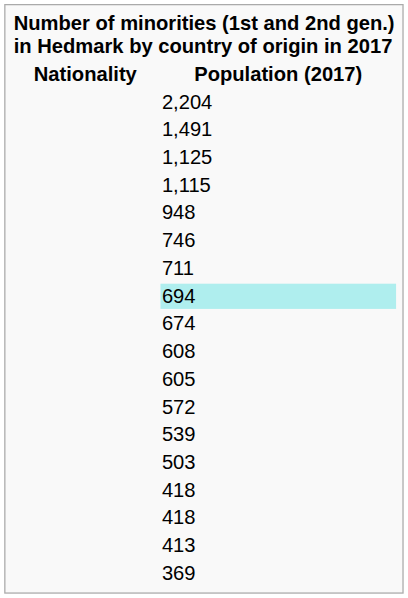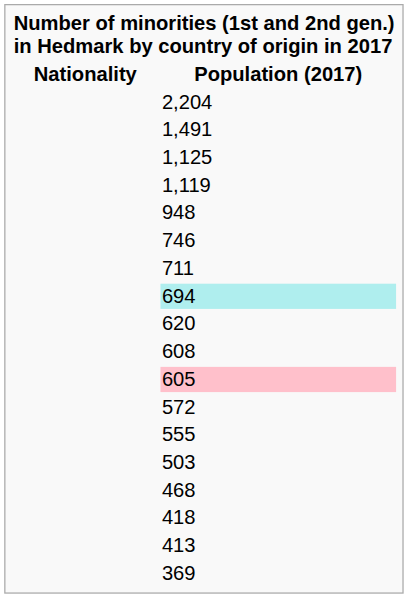 <table class="infobox" style="float:right;">
 <tr>
 <td colspan="2"><strong>Number of minorities (1st and 2nd gen.) <br>in Hedmark by country of origin in 2017</strong></td>
 </tr>
 <tr>
 <th>Nationality</th>
 <th>Population (2017)</th>
 </tr>
 <tr>
 <td></td>
 <td>2,204</td>
 </tr>
 <tr>
 <td></td>
 <td>1,491</td>
 </tr>
 <tr>
 <td></td>
 <td>1,125</td>
 </tr>
 <tr>
 <td></td>
-<td>1,115</td>
+<td>1,119</td>
 </tr>
 <tr>
 <td></td>
 <td>948</td>
 </tr>
 <tr>
 <td></td>
 <td>746</td>
 </tr>
 <tr>
 <td></td>
 <td>711</td>
 </tr>
 <tr>
 <td></td>
 <td style="background: paleturquoise;">694</td>
 </tr>
 <tr>
 <td></td>
-<td>674</td>
+<td>620</td>
 </tr>
 <tr>
 <td></td>
 <td>608</td>
 </tr>
 <tr>
 <td></td>
-<td>605</td>
+<td style="background: pink;">605</td>
 </tr>
 <tr>
 <td></td>
 <td>572</td>
 </tr>
 <tr>
 <td></td>
-<td>539</td>
+<td>555</td>
 </tr>
 <tr>
 <td></td>
 <td>503</td>
 </tr>
 <tr>
 <td></td>
-<td>418</td>
+<td>468</td>
 </tr>
 <tr>
 <td></td>
 <td>418</td>
 </tr>
 <tr>
 <td></td>
 <td>413</td>
 </tr>
 <tr>
 <td></td>
 <td>369</td>
 </tr>
 </table>
